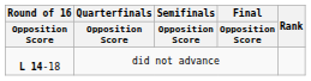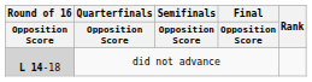 <table class=wikitable style="font-size:90%">
 <tr>
 <th>Round of 16</th>
 <th>Quarterfinals</th>
 <th>Semifinals</th>
 <th>Final</th>
 <th rowspan=2>Rank</th>
 </tr>
 <tr style="font-size:95%">
 <th>Opposition<br>Score</th>
 <th>Opposition<br>Score</th>
 <th>Opposition<br>Score</th>
 <th>Opposition<br>Score</th>
 </tr>
 <tr align=center>
-<td><br><strong>L</strong>  <strong>14</strong>-18</td>
+<td style="background: lightgrey;"><br><strong>L</strong>  <strong>14</strong>-18</td>
 <td colspan=3>did not advance</td>
 <td></td>
 </tr>
 </table>
